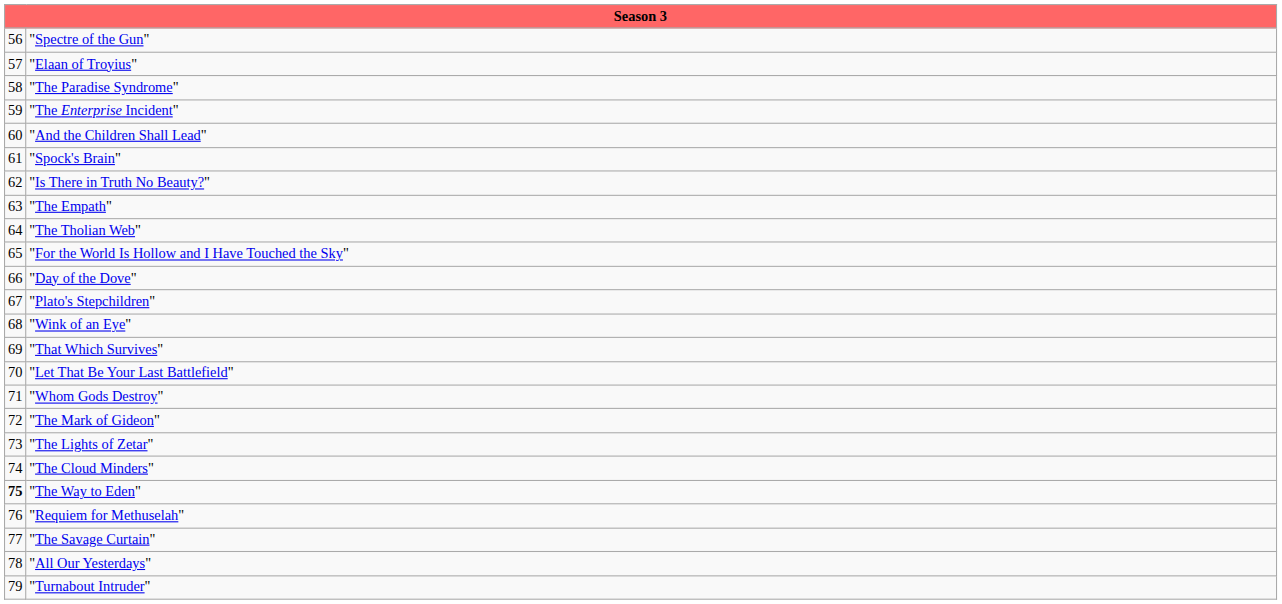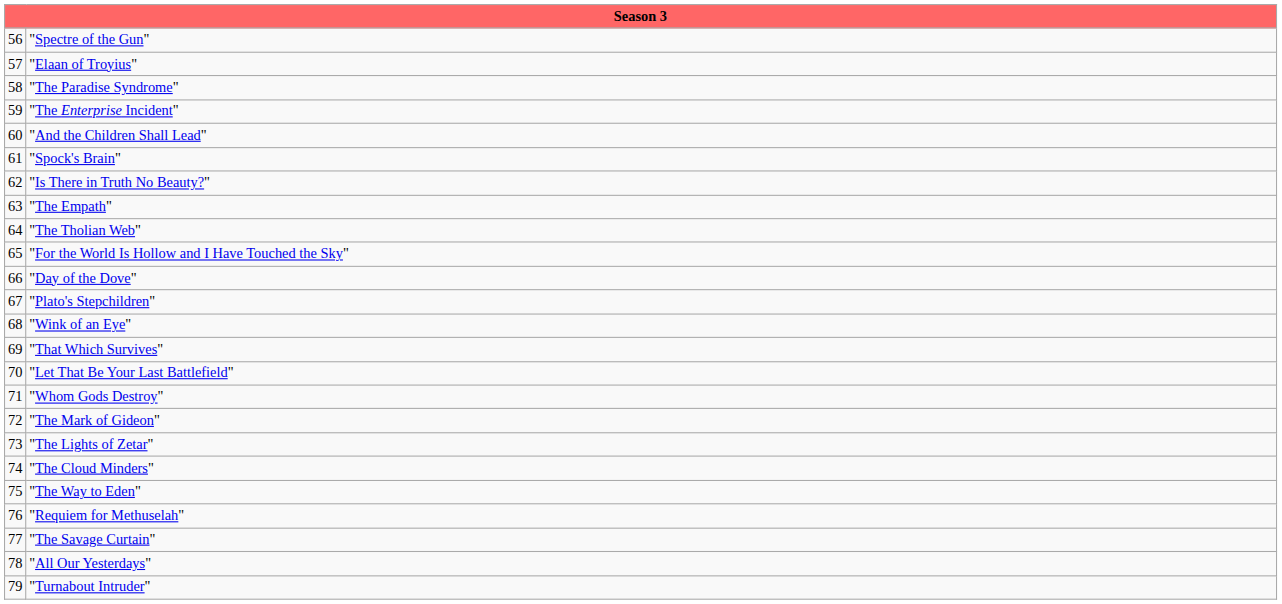 <table class="wikitable" style="font-size:85%; width: 95%;">
 <tr bgcolor="#CCCCCC">
 <th colspan=2 style="background-color: #FF6666">Season 3</th>
 </tr>
 <tr>
 <td width="10px" align="center">56</td>
 <td>"<a href='#'>Spectre of the Gun</a>"</td>
 </tr>
 <tr>
 <td width="10px" align="center">57</td>
 <td>"<a href='#'>Elaan of Troyius</a>"</td>
 </tr>
 <tr>
 <td width="10px" align="center">58</td>
 <td>"<a href='#'>The Paradise Syndrome</a>"</td>
 </tr>
 <tr>
 <td width="10px" align="center">59</td>
 <td>"<a href='#'>The <em>Enterprise</em> Incident</a>"</td>
 </tr>
 <tr>
 <td width="10px" align="center">60</td>
 <td>"<a href='#'>And the Children Shall Lead</a>"</td>
 </tr>
 <tr>
 <td width="10px" align="center">61</td>
 <td>"<a href='#'>Spock's Brain</a>"</td>
 </tr>
 <tr>
 <td width="10px" align="center">62</td>
 <td>"<a href='#'>Is There in Truth No Beauty?</a>"</td>
 </tr>
 <tr>
 <td width="10px" align="center">63</td>
 <td>"<a href='#'>The Empath</a>"</td>
 </tr>
 <tr>
 <td width="10px" align="center">64</td>
 <td>"<a href='#'>The Tholian Web</a>"</td>
 </tr>
 <tr>
 <td width="10px" align="center">65</td>
 <td>"<a href='#'>For the World Is Hollow and I Have Touched the Sky</a>"</td>
 </tr>
 <tr>
 <td width="10px" align="center">66</td>
 <td>"<a href='#'>Day of the Dove</a>"</td>
 </tr>
 <tr>
 <td width="10px" align="center">67</td>
 <td>"<a href='#'>Plato's Stepchildren</a>"</td>
 </tr>
 <tr>
 <td width="10px" align="center">68</td>
 <td>"<a href='#'>Wink of an Eye</a>"</td>
 </tr>
 <tr>
 <td width="10px" align="center">69</td>
 <td>"<a href='#'>That Which Survives</a>"</td>
 </tr>
 <tr>
 <td width="10px" align="center">70</td>
 <td>"<a href='#'>Let That Be Your Last Battlefield</a>"</td>
 </tr>
 <tr>
 <td width="10px" align="center">71</td>
 <td>"<a href='#'>Whom Gods Destroy</a>"</td>
 </tr>
 <tr>
 <td width="10px" align="center">72</td>
 <td>"<a href='#'>The Mark of Gideon</a>"</td>
 </tr>
 <tr>
 <td width="10px" align="center">73</td>
 <td>"<a href='#'>The Lights of Zetar</a>"</td>
 </tr>
 <tr>
 <td width="10px" align="center">74</td>
 <td>"<a href='#'>The Cloud Minders</a>"</td>
 </tr>
 <tr>
-<td width="10px" align="center"><strong>75</strong></td>
+<td width="10px" align="center">75</td>
 <td>"<a href='#'>The Way to Eden</a>"</td>
 </tr>
 <tr>
 <td width="10px" align="center">76</td>
 <td>"<a href='#'>Requiem for Methuselah</a>"</td>
 </tr>
 <tr>
 <td width="10px" align="center">77</td>
 <td>"<a href='#'>The Savage Curtain</a>"</td>
 </tr>
 <tr>
 <td width="10px" align="center">78</td>
 <td>"<a href='#'>All Our Yesterdays</a>"</td>
 </tr>
 <tr>
 <td width="10px" align="center">79</td>
 <td>"<a href='#'>Turnabout Intruder</a>"</td>
 </tr>
 </table>
